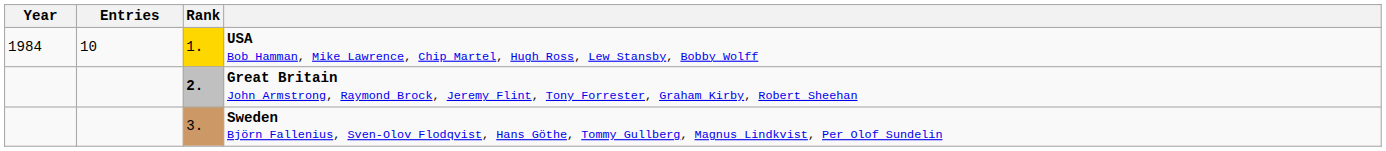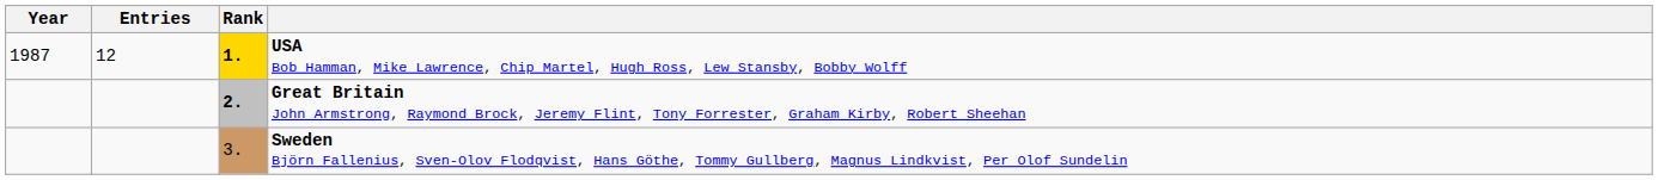 <table class="wikitable" style="width:100%;">
 <tr>
 <th>Year</th>
 <th>Entries</th>
 <th>Rank</th>
 <th></th>
 </tr>
 <tr>
-<td width = 60>1984</td>
-<td>10</td>
-<td style="background:gold; width:30px;">1.</td>
+<td width = 60>1987</td>
+<td>12</td>
+<td style="background:gold; width:30px;"><strong>1.</strong></td>
 <td> <strong>USA</strong><br><small><a href='#'>Bob Hamman</a>, <a href='#'>Mike Lawrence</a>, <a href='#'>Chip Martel</a>, <a href='#'>Hugh Ross</a>, <a href='#'>Lew Stansby</a>, <a href='#'>Bobby Wolff</a></small></td>
 </tr>
 <tr>
 <td></td>
 <td></td>
 <td style="background:silver;"><strong>2.</strong></td>
 <td> <strong>Great Britain</strong><br><small><a href='#'>John Armstrong</a>, <a href='#'>Raymond Brock</a>, <a href='#'>Jeremy Flint</a>, <a href='#'>Tony Forrester</a>, <a href='#'>Graham Kirby</a>, <a href='#'>Robert Sheehan</a></small></td>
 </tr>
 <tr>
 <td></td>
 <td></td>
 <td style="background:#c96;">3.</td>
 <td> <strong>Sweden</strong><br><small><a href='#'>Björn Fallenius</a>, <a href='#'>Sven-Olov Flodqvist</a>, <a href='#'>Hans Göthe</a>, <a href='#'>Tommy Gullberg</a>, <a href='#'>Magnus Lindkvist</a>, <a href='#'>Per Olof Sundelin</a></small></td>
 </tr>
 </table>
